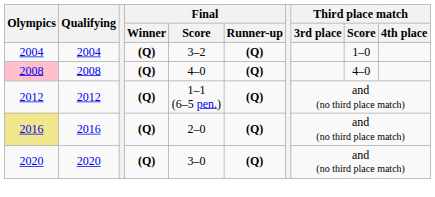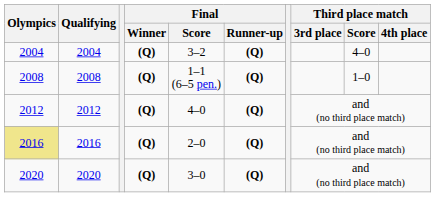 <table class="wikitable" style="text-align:center;">
 <tr>
 <th rowspan="2">Olympics</th>
 <th rowspan="2">Qualifying</th>
 <th rowspan="7"></th>
 <th colspan="3">Final</th>
 <th rowspan="7"></th>
 <th colspan="3">Third place match</th>
 </tr>
 <tr>
 <th>Winner</th>
 <th>Score</th>
 <th>Runner-up</th>
 <th>3rd place</th>
 <th>Score</th>
 <th>4th place</th>
 </tr>
 <tr>
 <td> <a href='#'>2004</a></td>
 <td> <a href='#'>2004</a></td>
 <td> <strong>(Q)</strong></td>
 <td>3–2</td>
 <td> <strong>(Q)</strong></td>
 <td></td>
-<td>1–0</td>
+<td>4–0</td>
 <td></td>
 </tr>
 <tr>
-<td style="background: pink;"> <a href='#'>2008</a></td>
+<td> <a href='#'>2008</a></td>
 <td> <a href='#'>2008</a></td>
 <td> <strong>(Q)</strong></td>
-<td>4–0</td>
+<td>1–1  <br>(6–5 <a href='#'>pen.</a>)</td>
 <td> <strong>(Q)</strong></td>
 <td></td>
-<td>4–0</td>
+<td>1–0</td>
 <td></td>
 </tr>
 <tr>
 <td> <a href='#'>2012</a></td>
 <td> <a href='#'>2012</a></td>
 <td> <strong>(Q)</strong></td>
-<td>1–1  <br>(6–5 <a href='#'>pen.</a>)</td>
+<td>4–0</td>
 <td> <strong>(Q)</strong></td>
 <td colspan=3> and <br><small>(no third place match)</small></td>
 </tr>
 <tr>
 <td style="background: khaki;"> <a href='#'>2016</a></td>
 <td> <a href='#'>2016</a></td>
 <td> <strong>(Q)</strong></td>
 <td>2–0</td>
 <td> <strong>(Q)</strong></td>
 <td colspan=3> and <br><small>(no third place match)</small></td>
 </tr>
 <tr>
 <td> <a href='#'>2020</a></td>
 <td> <a href='#'>2020</a></td>
 <td> <strong>(Q)</strong></td>
 <td>3–0</td>
 <td> <strong>(Q)</strong></td>
 <td colspan=3> and <br><small>(no third place match)</small></td>
 </tr>
 </table>
